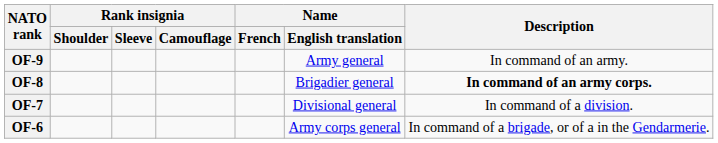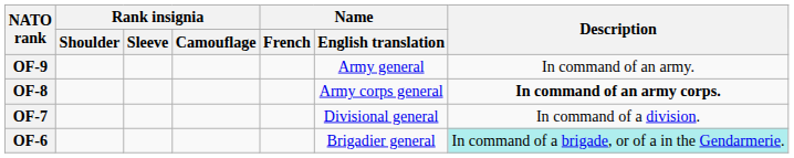 <table class="wikitable plainrowheaders" style="text-align:center;" border="1">
 <tr>
 <th rowspan=2>NATO<br>rank</th>
 <th colspan=3>Rank insignia</th>
 <th colspan=2>Name</th>
 <th rowspan=2>Description</th>
 </tr>
 <tr>
 <th>Shoulder</th>
 <th>Sleeve</th>
 <th>Camouflage</th>
 <th>French</th>
 <th>English translation</th>
 </tr>
 <tr>
 <th>OF-9</th>
 <td></td>
 <td></td>
 <td></td>
 <td></td>
 <td><a href='#'>Army general</a></td>
 <td>In command of an army.</td>
 </tr>
 <tr>
 <th>OF-8</th>
 <td></td>
 <td></td>
 <td></td>
 <td></td>
-<td><a href='#'>Brigadier general</a></td>
+<td><a href='#'>Army corps general</a></td>
 <td><strong>In command of an army corps.</strong></td>
 </tr>
 <tr>
 <th>OF-7</th>
 <td></td>
 <td></td>
 <td></td>
 <td></td>
 <td><a href='#'>Divisional general</a></td>
 <td>In command of a <a href='#'>division</a>.</td>
 </tr>
 <tr>
 <th>OF-6</th>
 <td></td>
 <td></td>
 <td></td>
 <td></td>
-<td><a href='#'>Army corps general</a></td>
-<td>In command of a <a href='#'>brigade</a>, or of a  in the <a href='#'>Gendarmerie</a>.</td>
+<td><a href='#'>Brigadier general</a></td>
+<td style="background: paleturquoise;">In command of a <a href='#'>brigade</a>, or of a  in the <a href='#'>Gendarmerie</a>.</td>
 </tr>
 </table>
